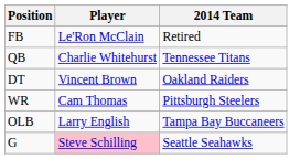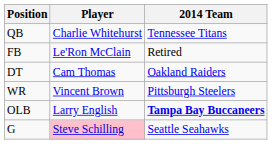 <table class="wikitable" style="font-size: 95%; text-align: left">
 <tr>
 <th>Position</th>
 <th>Player</th>
 <th>2014 Team</th>
 </tr>
 <tr>
+<td>QB</td>
+<td><a href='#'>Charlie Whitehurst</a></td>
+<td><a href='#'>Tennessee Titans</a></td>
+</tr>
+<tr>
 <td>FB</td>
 <td><a href='#'>Le'Ron McClain</a></td>
 <td>Retired</td>
 </tr>
 <tr>
-<td>QB</td>
-<td><a href='#'>Charlie Whitehurst</a></td>
-<td><a href='#'>Tennessee Titans</a></td>
-</tr>
-<tr>
 <td>DT</td>
-<td><a href='#'>Vincent Brown</a></td>
+<td><a href='#'>Cam Thomas</a></td>
 <td><a href='#'>Oakland Raiders</a></td>
 </tr>
 <tr>
 <td>WR</td>
-<td><a href='#'>Cam Thomas</a></td>
+<td><a href='#'>Vincent Brown</a></td>
 <td><a href='#'>Pittsburgh Steelers</a></td>
 </tr>
 <tr>
 <td>OLB</td>
 <td><a href='#'>Larry English</a></td>
-<td><a href='#'>Tampa Bay Buccaneers</a></td>
+<td><strong><a href='#'>Tampa Bay Buccaneers</a></strong></td>
 </tr>
 <tr>
 <td>G</td>
 <td style="background: pink;"><a href='#'>Steve Schilling</a></td>
 <td><a href='#'>Seattle Seahawks</a></td>
 </tr>
 </table>
